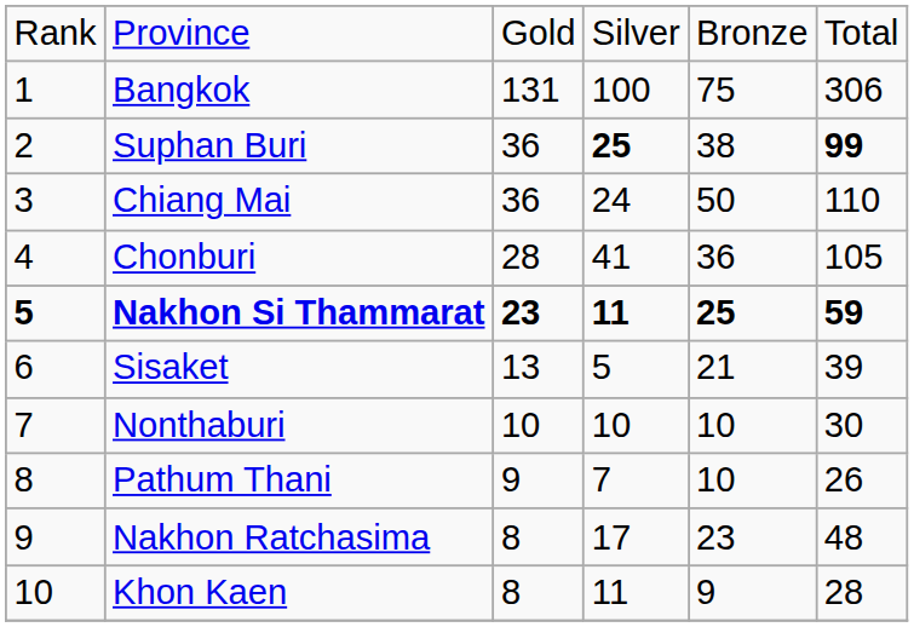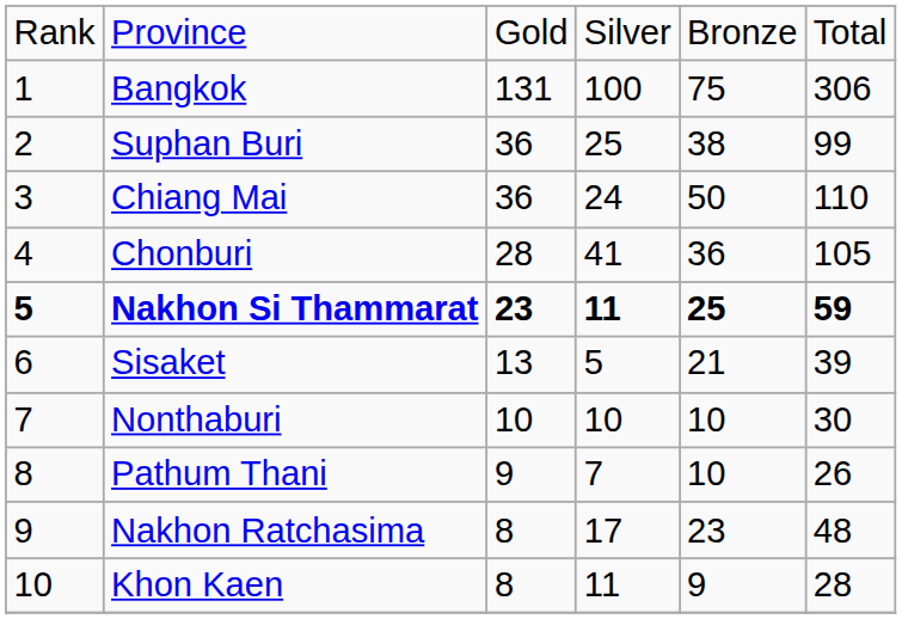 <table class="wikitable">
 <tr>
 <td>Rank</td>
 <td><a href='#'>Province</a></td>
 <td>Gold</td>
 <td>Silver</td>
 <td>Bronze</td>
 <td>Total</td>
 </tr>
 <tr>
 <td>1</td>
 <td><a href='#'>Bangkok</a></td>
 <td>131</td>
 <td>100</td>
 <td>75</td>
 <td>306</td>
 </tr>
 <tr>
 <td>2</td>
 <td><a href='#'>Suphan Buri</a></td>
 <td>36</td>
-<td><strong>25</strong></td>
+<td>25</td>
 <td>38</td>
-<td><strong>99</strong></td>
+<td>99</td>
 </tr>
 <tr>
 <td>3</td>
 <td><a href='#'>Chiang Mai</a></td>
 <td>36</td>
 <td>24</td>
 <td>50</td>
 <td>110</td>
 </tr>
 <tr>
 <td>4</td>
 <td><a href='#'>Chonburi</a></td>
 <td>28</td>
 <td>41</td>
 <td>36</td>
 <td>105</td>
 </tr>
 <tr>
 <td><strong>5</strong></td>
 <td><strong><a href='#'>Nakhon Si Thammarat</a></strong></td>
 <td><strong>23</strong></td>
 <td><strong>11</strong></td>
 <td><strong>25</strong></td>
 <td><strong>59</strong></td>
 </tr>
 <tr>
 <td>6</td>
 <td><a href='#'>Sisaket</a></td>
 <td>13</td>
 <td>5</td>
 <td>21</td>
 <td>39</td>
 </tr>
 <tr>
 <td>7</td>
 <td><a href='#'>Nonthaburi</a></td>
 <td>10</td>
 <td>10</td>
 <td>10</td>
 <td>30</td>
 </tr>
 <tr>
 <td>8</td>
 <td><a href='#'>Pathum Thani</a></td>
 <td>9</td>
 <td>7</td>
 <td>10</td>
 <td>26</td>
 </tr>
 <tr>
 <td>9</td>
 <td><a href='#'>Nakhon Ratchasima</a></td>
 <td>8</td>
 <td>17</td>
 <td>23</td>
 <td>48</td>
 </tr>
 <tr>
 <td>10</td>
 <td><a href='#'>Khon Kaen</a></td>
 <td>8</td>
 <td>11</td>
 <td>9</td>
 <td>28</td>
 </tr>
 <tr>
 </tr>
 </table>
